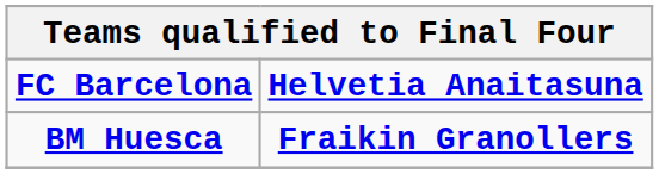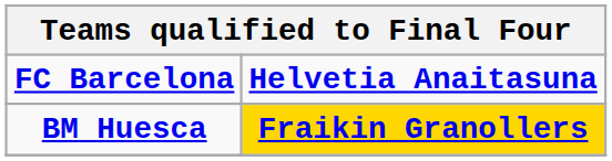 <table class="wikitable" style="text-align: center; margin: 0 auto;">
 <tr>
 <th colspan="4">Teams qualified to <strong>Final Four</strong></th>
 </tr>
 <tr>
 <td><strong><a href='#'>FC Barcelona</a></strong></td>
 <td><strong><a href='#'>Helvetia Anaitasuna</a></strong></td>
 </tr>
 <tr>
 <td><strong><a href='#'>BM Huesca</a></strong></td>
-<td><strong><a href='#'>Fraikin Granollers</a></strong></td>
+<td style="background: gold;"><strong><a href='#'>Fraikin Granollers</a></strong></td>
 </tr>
 <tr>
 </tr>
 </table>
